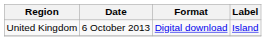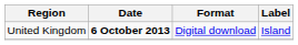 <table class=wikitable>
 <tr>
 <th>Region</th>
 <th>Date</th>
 <th>Format</th>
 <th>Label</th>
 </tr>
 <tr>
 <td>United Kingdom</td>
-<td>6 October 2013</td>
+<td><strong>6 October 2013</strong></td>
 <td><a href='#'>Digital download</a></td>
 <td><a href='#'>Island</a></td>
 </tr>
 <tr>
 </tr>
 </table>
